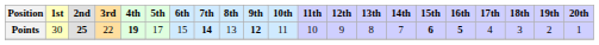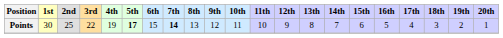 <table class="wikitable" style="font-size:85%; text-align:center">
 <tr>
 <th>Position</th>
 <td style="background:#FFFFBF;"> <strong>1st</strong> </td>
 <td style="background:#DFDFDF;"> <strong>2nd</strong> </td>
 <td style="background:#FFDF9F;"> <strong>3rd</strong> </td>
 <td style="background:#DFFFDF;"> <strong>4th</strong> </td>
 <td style="background:#DFFFDF;"> <strong>5th</strong> </td>
 <td style="background:#CFEAFF;"> <strong>6th</strong> </td>
 <td style="background:#CFEAFF;"> <strong>7th</strong> </td>
 <td style="background:#CFEAFF;"> <strong>8th</strong> </td>
 <td style="background:#CFEAFF;"> <strong>9th</strong> </td>
 <td style="background:#CFEAFF;"> <strong>10th</strong> </td>
 <td style="background:#CFCFFF;"> <strong>11th</strong> </td>
 <td style="background:#CFCFFF;"> <strong>12th</strong> </td>
 <td style="background:#CFCFFF;"> <strong>13th</strong> </td>
 <td style="background:#CFCFFF;"> <strong>14th</strong> </td>
 <td style="background:#CFCFFF;"> <strong>15th</strong> </td>
 <td style="background:#CFCFFF;"> <strong>16th</strong> </td>
 <td style="background:#CFCFFF;"> <strong>17th</strong> </td>
 <td style="background:#CFCFFF;"> <strong>18th</strong> </td>
 <td style="background:#CFCFFF;"> <strong>19th</strong> </td>
 <td style="background:#CFCFFF;"> <strong>20th</strong> </td>
 </tr>
 <tr>
 <th>Points</th>
 <td style="background:#FFFFBF;">30</td>
-<td style="background:#DFDFDF;"><strong>25</strong></td>
+<td style="background:#DFDFDF;">25</td>
 <td style="background:#FFDF9F;">22</td>
-<td style="background:#DFFFDF;"><strong>19</strong></td>
-<td style="background:#DFFFDF;">17</td>
+<td style="background:#DFFFDF;">19</td>
+<td style="background:#DFFFDF;"><strong>17</strong></td>
 <td style="background:#CFEAFF;">15</td>
 <td style="background:#CFEAFF;"><strong>14</strong></td>
 <td style="background:#CFEAFF;">13</td>
-<td style="background:#CFEAFF;"><strong>12</strong></td>
+<td style="background:#CFEAFF;">12</td>
 <td style="background:#CFEAFF;">11</td>
 <td style="background:#CFCFFF;">10</td>
 <td style="background:#CFCFFF;">9</td>
 <td style="background:#CFCFFF;">8</td>
 <td style="background:#CFCFFF;">7</td>
-<td style="background:#CFCFFF;"><strong>6</strong></td>
-<td style="background:#CFCFFF;"><strong>5</strong></td>
+<td style="background:#CFCFFF;">6</td>
+<td style="background:#CFCFFF;">5</td>
 <td style="background:#CFCFFF;">4</td>
 <td style="background:#CFCFFF;">3</td>
 <td style="background:#CFCFFF;">2</td>
 <td style="background:#CFCFFF;">1</td>
 </tr>
 <tr>
 </tr>
 </table>
